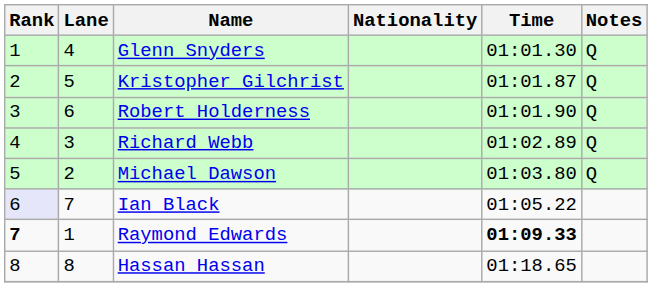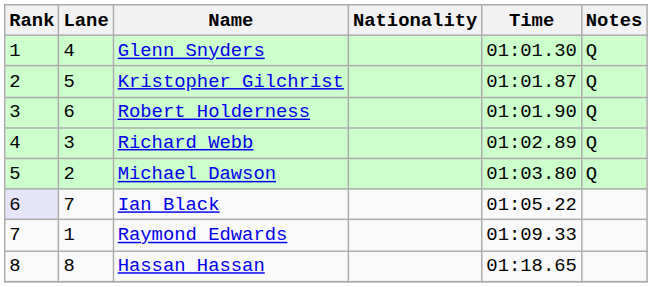 <table class="wikitable">
 <tr>
 <th>Rank</th>
 <th>Lane</th>
 <th>Name</th>
 <th>Nationality</th>
 <th>Time</th>
 <th>Notes</th>
 </tr>
 <tr bgcolor=ccffcc>
 <td>1</td>
 <td>4</td>
 <td><a href='#'>Glenn Snyders</a></td>
 <td></td>
 <td>01:01.30</td>
 <td>Q</td>
 </tr>
 <tr bgcolor=ccffcc>
 <td>2</td>
 <td>5</td>
 <td><a href='#'>Kristopher Gilchrist</a></td>
 <td></td>
 <td>01:01.87</td>
 <td>Q</td>
 </tr>
 <tr bgcolor=ccffcc>
 <td>3</td>
 <td>6</td>
 <td><a href='#'>Robert Holderness</a></td>
 <td></td>
 <td>01:01.90</td>
 <td>Q</td>
 </tr>
 <tr bgcolor=ccffcc>
 <td>4</td>
 <td>3</td>
 <td><a href='#'>Richard Webb</a></td>
 <td></td>
 <td>01:02.89</td>
 <td>Q</td>
 </tr>
 <tr bgcolor=ccffcc>
 <td>5</td>
 <td>2</td>
 <td><a href='#'>Michael Dawson</a></td>
 <td></td>
 <td>01:03.80</td>
 <td>Q</td>
 </tr>
 <tr>
 <td style="background: lavender;">6</td>
 <td>7</td>
 <td><a href='#'>Ian Black</a></td>
 <td></td>
 <td>01:05.22</td>
 <td></td>
 </tr>
 <tr>
-<td><strong>7</strong></td>
+<td>7</td>
 <td>1</td>
 <td><a href='#'>Raymond Edwards</a></td>
 <td></td>
-<td><strong>01:09.33</strong></td>
+<td>01:09.33</td>
 <td></td>
 </tr>
 <tr>
 <td>8</td>
 <td>8</td>
 <td><a href='#'>Hassan Hassan</a></td>
 <td></td>
 <td>01:18.65</td>
 <td></td>
 </tr>
 <tr>
 </tr>
 </table>
